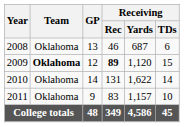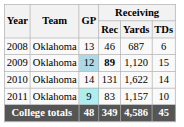 <table class="wikitable" style="text-align:center;">
 <tr>
 <th rowspan="2">Year</th>
 <th rowspan="2">Team</th>
 <th rowspan="2">GP</th>
 <th colspan=3>Receiving</th>
 </tr>
 <tr>
 <th>Rec</th>
 <th>Yards</th>
 <th>TDs</th>
 </tr>
 <tr>
 <td>2008</td>
 <td>Oklahoma</td>
 <td>13</td>
 <td>46</td>
 <td>687</td>
 <td>6</td>
 </tr>
 <tr>
 <td>2009</td>
-<td><strong>Oklahoma</strong></td>
-<td>12</td>
+<td>Oklahoma</td>
+<td style="background: lightblue;">12</td>
 <td><strong>89</strong></td>
 <td>1,120</td>
 <td>15</td>
 </tr>
 <tr>
 <td>2010</td>
 <td>Oklahoma</td>
 <td>14</td>
 <td>131</td>
 <td>1,622</td>
 <td>14</td>
 </tr>
 <tr>
 <td>2011</td>
 <td>Oklahoma</td>
-<td>9</td>
+<td style="background: paleturquoise;">9</td>
 <td>83</td>
 <td>1,157</td>
 <td>10</td>
 </tr>
 <tr style="background:#555; font-weight:bold; color:white;">
 <td colspan=2>College totals</td>
 <td>48</td>
 <td>349</td>
 <td>4,586</td>
 <td>45</td>
 </tr>
 </table>
